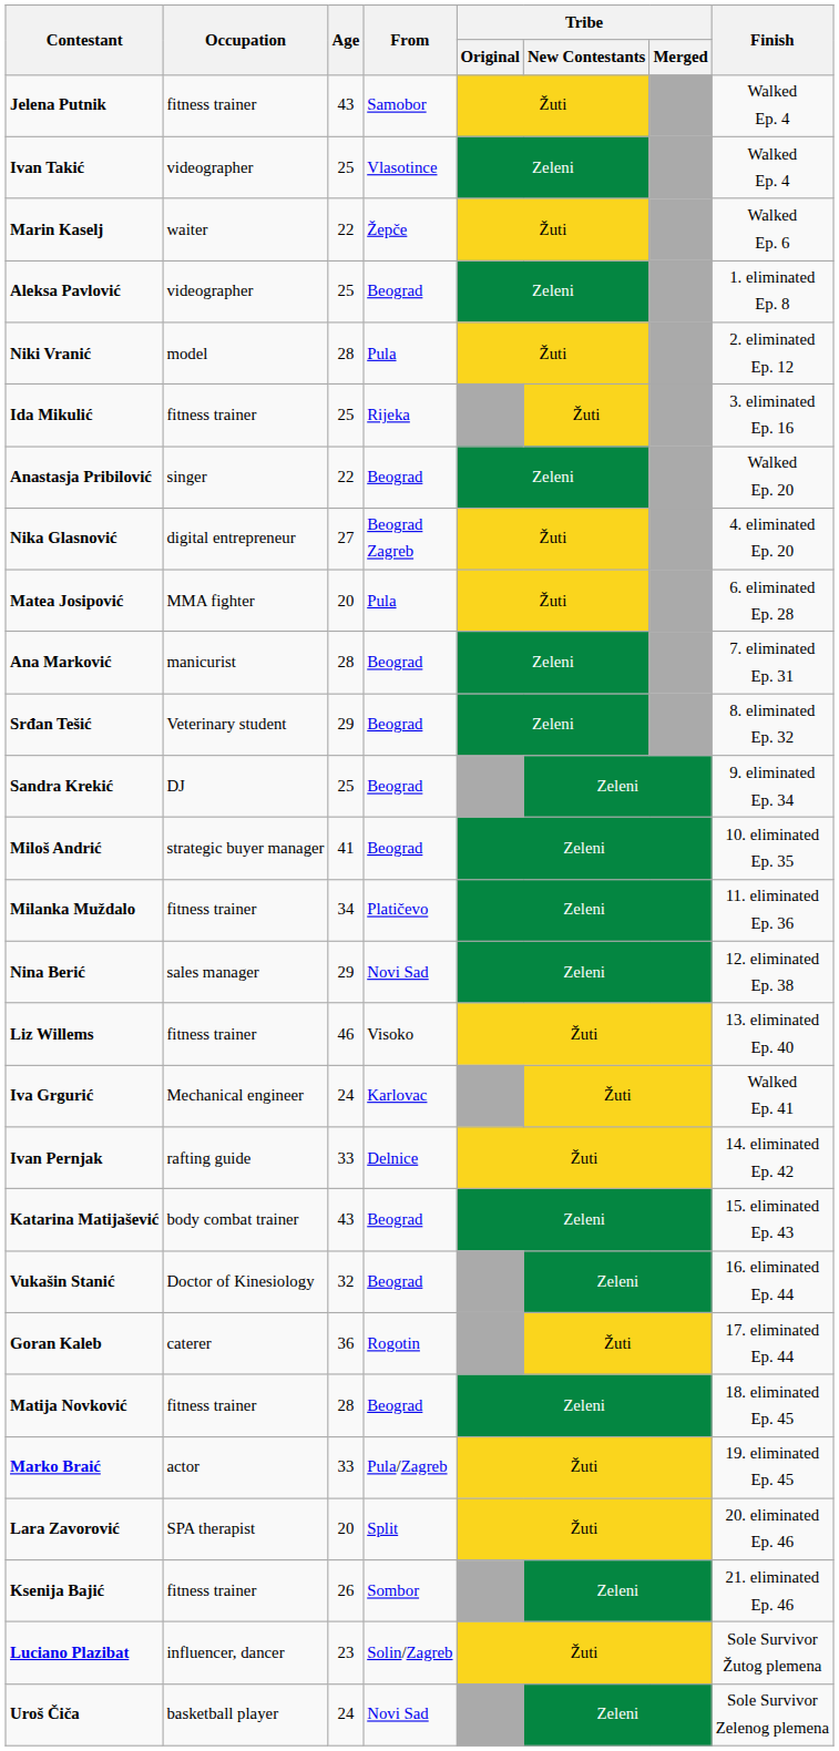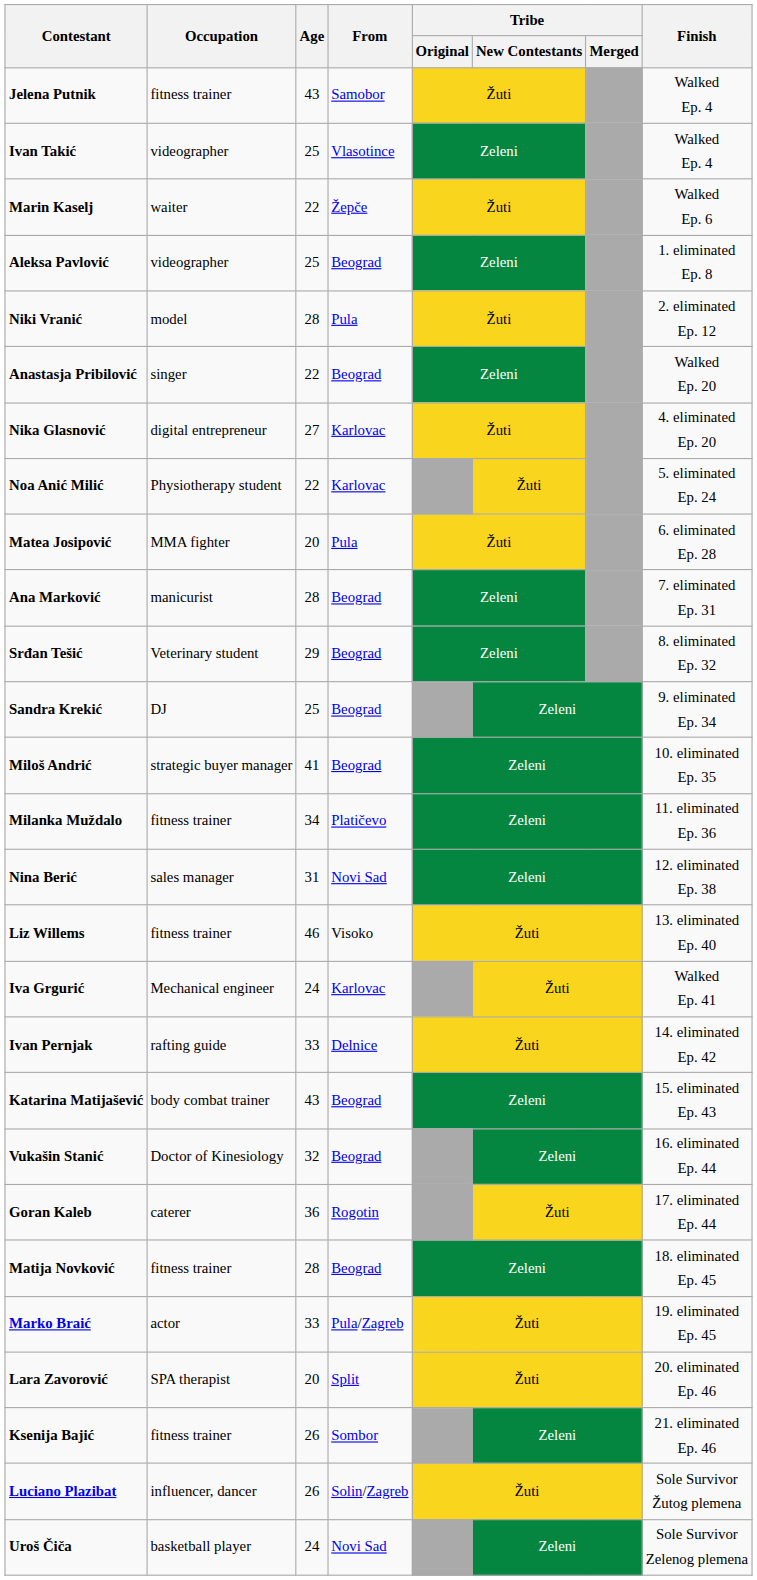 <table class="wikitable sortable" style="margin:auto; font-size:10pt; line-height:22px; text-align:center">
 <tr>
 <th rowspan="2">Contestant</th>
 <th rowspan="2" class="unsortable">Occupation</th>
 <th rowspan="2">Age</th>
 <th rowspan="2">From</th>
 <th colspan="3" class="unsortable">Tribe</th>
 <th rowspan="2" class="unsortable">Finish</th>
 </tr>
 <tr>
 <th>Original</th>
 <th>New Contestants</th>
 <th>Merged</th>
 </tr>
 <tr>
 <td align="left"><strong>Jelena Putnik</strong></td>
 <td align="left">fitness trainer</td>
 <td>43</td>
 <td align="left"> <a href='#'>Samobor</a></td>
 <td colspan="2" style="background:#FAD51D">Žuti</td>
 <td style="background-color: rgb(170, 170, 170)"></td>
 <td>Walked<br> Ep. 4 </td>
 </tr>
 <tr>
 <td align="left"><strong>Ivan Takić</strong></td>
 <td align="left">videographer</td>
 <td>25</td>
 <td align="left"> <a href='#'>Vlasotince</a></td>
 <td colspan="2" style="background:#048641;color:white">Zeleni</td>
 <td style="background-color: rgb(170, 170, 170)"></td>
 <td>Walked<br> Ep. 4 </td>
 </tr>
 <tr>
 <td align="left"><strong>Marin Kaselj</strong></td>
 <td align="left">waiter</td>
 <td>22</td>
 <td align="left"> <a href='#'>Žepče</a></td>
 <td colspan="2" style="background:#FAD51D">Žuti</td>
 <td style="background-color: rgb(170, 170, 170)"></td>
 <td>Walked <br> Ep. 6 </td>
 </tr>
 <tr>
 <td align="left"><strong>Aleksa Pavlović</strong></td>
 <td align="left">videographer</td>
 <td>25</td>
 <td align="left"> <a href='#'>Beograd</a></td>
 <td colspan="2" style="background:#048641;color:white">Zeleni</td>
 <td style="background-color: rgb(170, 170, 170)"></td>
 <td>1. eliminated <br> Ep. 8</td>
 </tr>
 <tr>
 <td align="left"><strong>Niki Vranić</strong></td>
 <td align="left">model</td>
 <td>28</td>
 <td align="left"> <a href='#'>Pula</a></td>
 <td colspan="2" style="background:#FAD51D">Žuti</td>
 <td style="background-color: rgb(170, 170, 170)"></td>
 <td>2. eliminated <br> Ep. 12</td>
 </tr>
 <tr>
-<td align="left"><strong>Ida Mikulić</strong></td>
-<td align="left">fitness trainer</td>
-<td>25</td>
-<td align="left"> <a href='#'>Rijeka</a></td>
-<td style="background-color: rgb(170, 170, 170)"></td>
-<td style="background:#FAD51D">Žuti</td>
-<td style="background-color: rgb(170, 170, 170)"></td>
-<td>3. eliminated <br> Ep. 16</td>
-</tr>
-<tr>
 <td align="left"><strong>Anastasja Pribilović</strong></td>
 <td align="left">singer</td>
 <td>22</td>
 <td align="left"> <a href='#'>Beograd</a></td>
 <td colspan="2" style="background:#048641;color:white">Zeleni</td>
 <td style="background-color: rgb(170, 170, 170)"></td>
 <td>Walked<br> Ep. 20 </td>
 </tr>
 <tr>
 <td align="left"><strong>Nika Glasnović</strong></td>
 <td align="left">digital entrepreneur</td>
 <td>27</td>
-<td align="left"> <a href='#'>Beograd</a><br> <a href='#'>Zagreb</a></td>
+<td align="left"> <a href='#'>Karlovac</a></td>
 <td colspan="2" style="background:#FAD51D">Žuti</td>
 <td style="background-color: rgb(170, 170, 170)"></td>
 <td>4. eliminated <br> Ep. 20</td>
+</tr>
+<tr>
+<td align="left"><strong>Noa Anić Milić</strong></td>
+<td align="left">Physiotherapy student</td>
+<td>22</td>
+<td align="left"> <a href='#'>Karlovac</a></td>
+<td style="background-color: rgb(170, 170, 170)"></td>
+<td style="background:#FAD51D">Žuti</td>
+<td style="background-color: rgb(170, 170, 170)"></td>
+<td>5. eliminated <br> Ep. 24</td>
 </tr>
 <tr>
 <td align="left"><strong>Matea Josipović</strong></td>
 <td align="left">MMA fighter</td>
 <td>20</td>
 <td align="left"> <a href='#'>Pula</a></td>
 <td colspan="2" style="background:#FAD51D">Žuti</td>
 <td style="background-color: rgb(170, 170, 170)"></td>
 <td>6. eliminated <br> Ep. 28</td>
 </tr>
 <tr>
 <td align="left"><strong>Ana Marković</strong></td>
 <td align="left">manicurist</td>
 <td>28</td>
 <td align="left"> <a href='#'>Beograd</a></td>
 <td colspan="2" style="background:#048641;color:white">Zeleni</td>
 <td style="background-color: rgb(170, 170, 170)"></td>
 <td>7. eliminated <br> Ep. 31</td>
 </tr>
 <tr>
 <td align="left"><strong>Srđan Tešić</strong></td>
 <td align="left">Veterinary student</td>
 <td>29</td>
 <td align="left"> <a href='#'>Beograd</a></td>
 <td colspan="2" style="background:#048641;color:white">Zeleni</td>
 <td style="background-color: rgb(170, 170, 170)"></td>
 <td>8. eliminated <br> Ep. 32</td>
 </tr>
 <tr>
 <td align="left"><strong>Sandra Krekić</strong></td>
 <td align="left">DJ</td>
 <td>25</td>
 <td align="left"> <a href='#'>Beograd</a></td>
 <td style="background-color: rgb(170, 170, 170)"></td>
 <td colspan="2" style="background:#048641;color:white">Zeleni</td>
 <td>9. eliminated <br> Ep. 34</td>
 </tr>
 <tr>
 <td align="left"><strong>Miloš Andrić</strong></td>
 <td align="left">strategic buyer manager</td>
 <td>41</td>
 <td align="left"> <a href='#'>Beograd</a></td>
 <td colspan="3" style="background:#048641;color:white">Zeleni</td>
 <td>10. eliminated <br> Ep. 35</td>
 </tr>
 <tr>
 <td align="left"><strong>Milanka Muždalo</strong></td>
 <td align="left">fitness trainer</td>
 <td>34</td>
 <td align="left"> <a href='#'>Platičevo</a></td>
 <td colspan="3" style="background:#048641;color:white">Zeleni</td>
 <td>11. eliminated <br> Ep. 36</td>
 </tr>
 <tr>
 <td align="left"><strong>Nina Berić</strong></td>
 <td align="left">sales manager</td>
-<td>29</td>
+<td>31</td>
 <td align="left"> <a href='#'>Novi Sad</a></td>
 <td colspan="3" style="background:#048641;color:white">Zeleni</td>
 <td>12. eliminated <br> Ep. 38</td>
 </tr>
 <tr>
 <td align="left"><strong>Liz Willems</strong></td>
 <td align="left">fitness trainer</td>
 <td>46</td>
 <td align="left"> Visoko</td>
 <td colspan="3" style="background:#FAD51D">Žuti</td>
 <td>13. eliminated <br> Ep. 40</td>
 </tr>
 <tr>
 <td align="left"><strong>Iva Grgurić</strong></td>
 <td align="left">Mechanical engineer</td>
 <td>24</td>
 <td align="left"> <a href='#'>Karlovac</a></td>
 <td style="background-color: rgb(170, 170, 170)"></td>
 <td colspan="2" style="background:#FAD51D">Žuti</td>
 <td>Walked<br> Ep. 41 </td>
 </tr>
 <tr>
 <td align="left"><strong>Ivan Pernjak</strong></td>
 <td align="left">rafting guide</td>
 <td>33</td>
 <td align="left"> <a href='#'>Delnice</a></td>
 <td colspan="3" style="background:#FAD51D">Žuti</td>
 <td>14. eliminated <br> Ep. 42</td>
 </tr>
 <tr>
 <td align="left"><strong>Katarina Matijašević</strong></td>
 <td align="left">body combat trainer</td>
 <td>43</td>
 <td align="left"> <a href='#'>Beograd</a></td>
 <td colspan="3" style="background:#048641;color:white">Zeleni</td>
 <td>15. eliminated <br> Ep. 43</td>
 </tr>
 <tr>
 <td align="left"><strong>Vukašin Stanić</strong></td>
 <td align="left">Doctor of Kinesiology</td>
 <td>32</td>
 <td align="left"> <a href='#'>Beograd</a></td>
 <td style="background-color: rgb(170, 170, 170)"></td>
 <td colspan="2" style="background:#048641;color:white">Zeleni</td>
 <td>16. eliminated <br> Ep. 44</td>
 </tr>
 <tr>
 <td align="left"><strong>Goran Kaleb</strong></td>
 <td align="left">caterer</td>
 <td>36</td>
 <td align="left"> <a href='#'>Rogotin</a></td>
 <td style="background-color: rgb(170, 170, 170)"></td>
 <td colspan="2" style="background:#FAD51D">Žuti</td>
 <td>17. eliminated <br> Ep. 44</td>
 </tr>
 <tr>
 <td align="left"><strong>Matija Novković</strong></td>
 <td align="left">fitness trainer</td>
 <td>28</td>
 <td align="left"> <a href='#'>Beograd</a></td>
 <td colspan="3" style="background:#048641;color:white">Zeleni</td>
 <td>18. eliminated <br> Ep. 45</td>
 </tr>
 <tr>
 <td align="left"><strong><a href='#'>Marko Braić</a></strong></td>
 <td align="left">actor</td>
 <td>33</td>
 <td align="left"> <a href='#'>Pula</a>/<a href='#'>Zagreb</a></td>
 <td colspan="3" style="background:#FAD51D">Žuti</td>
 <td>19. eliminated <br> Ep. 45</td>
 </tr>
 <tr>
 <td align="left"><strong>Lara Zavorović</strong></td>
 <td align="left">SPA therapist</td>
 <td>20</td>
 <td align="left"> <a href='#'>Split</a></td>
 <td colspan="3" style="background:#FAD51D">Žuti</td>
 <td>20. eliminated <br> Ep. 46</td>
 </tr>
 <tr>
 <td align="left"><strong>Ksenija Bajić</strong></td>
 <td align="left">fitness trainer</td>
 <td>26</td>
 <td align="left"> <a href='#'>Sombor</a></td>
 <td style="background-color: rgb(170, 170, 170)"></td>
 <td colspan="2" style="background:#048641;color:white">Zeleni</td>
 <td>21. eliminated <br> Ep. 46</td>
 </tr>
 <tr>
 <td align="left"><strong><a href='#'>Luciano Plazibat</a></strong></td>
 <td align="left">influencer, dancer</td>
-<td>23</td>
+<td>26</td>
 <td align="left"> <a href='#'>Solin</a>/<a href='#'>Zagreb</a></td>
 <td colspan="3" style="background:#FAD51D">Žuti</td>
 <td>Sole Survivor<br>Žutog plemena</td>
 </tr>
 <tr>
 <td align="left"><strong>Uroš Čiča</strong></td>
 <td align="left">basketball player</td>
 <td>24</td>
 <td align="left"> <a href='#'>Novi Sad</a></td>
 <td style="background-color: rgb(170, 170, 170)"></td>
 <td colspan="2" style="background:#048641;color:white">Zeleni</td>
 <td>Sole Survivor<br>Zelenog plemena</td>
 </tr>
 </table>
